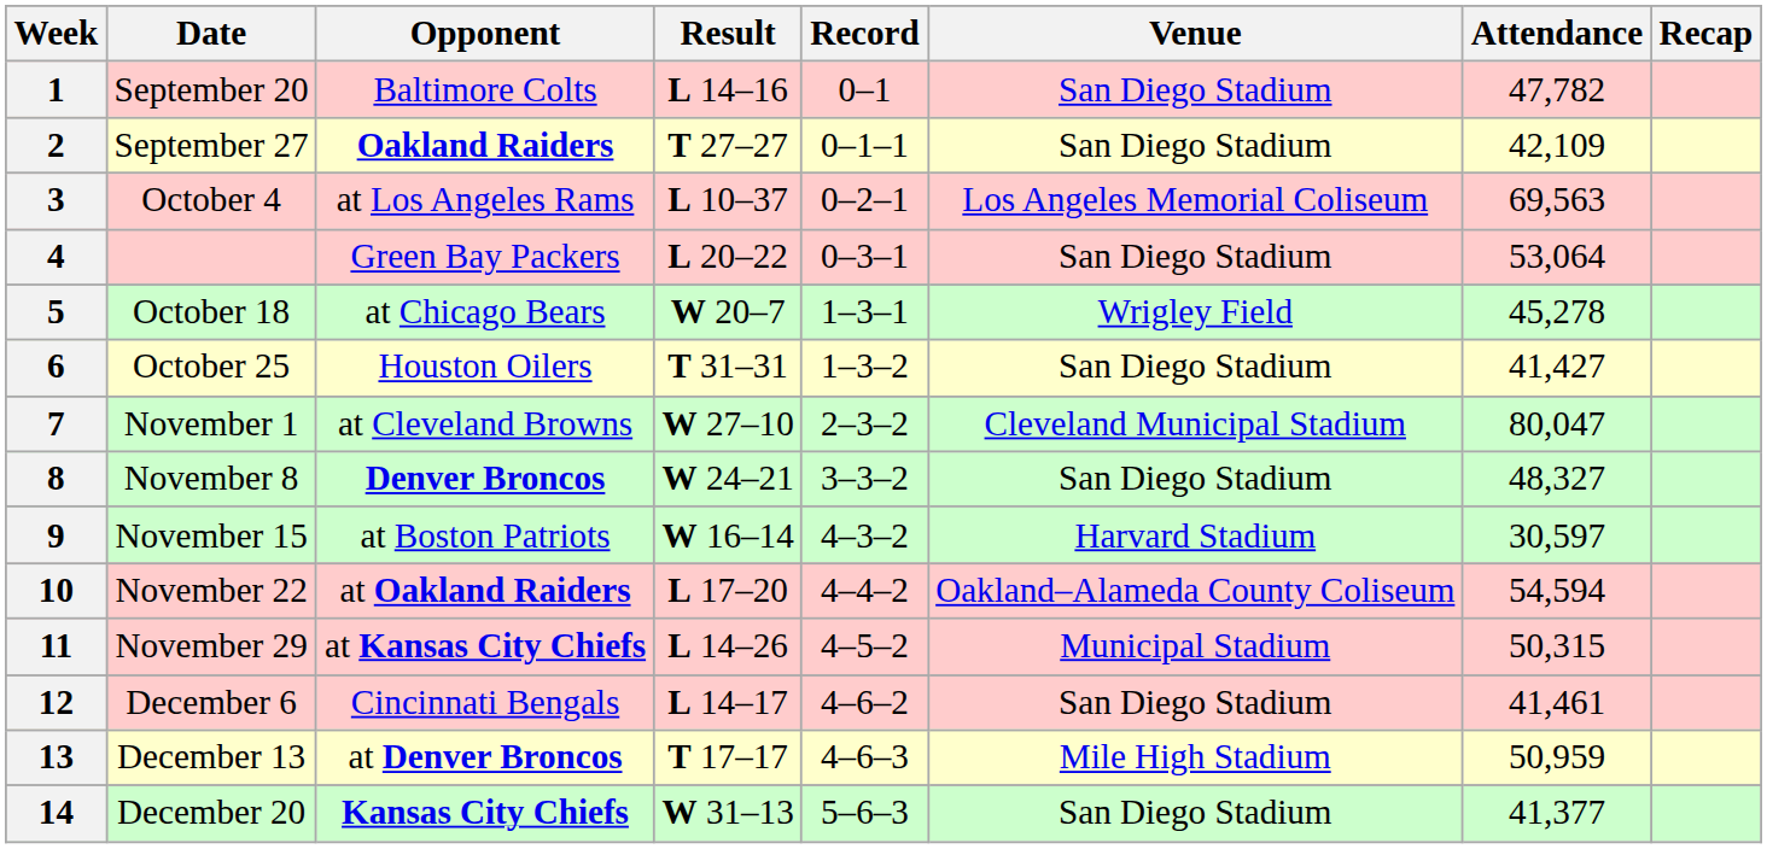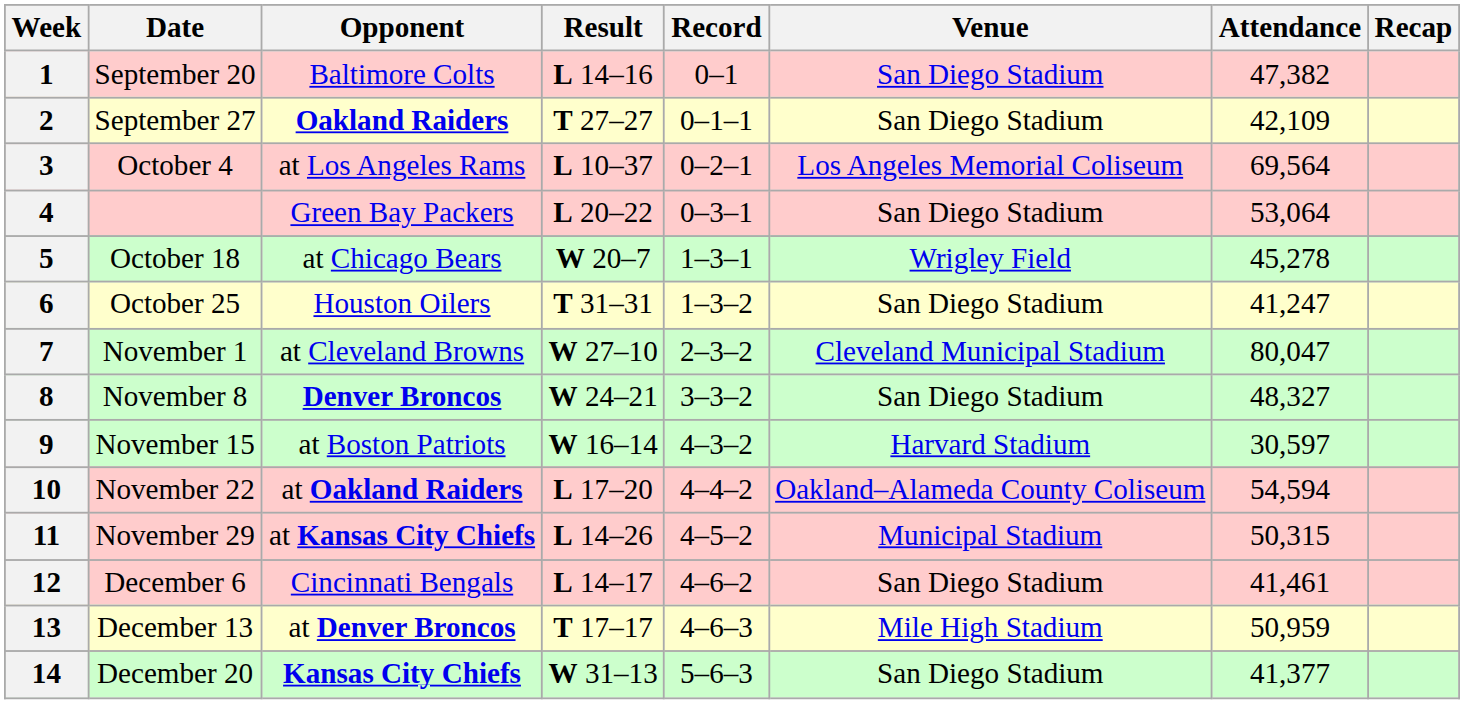 <table class="wikitable" style="text-align:center">
 <tr>
 <th>Week</th>
 <th>Date</th>
 <th>Opponent</th>
 <th>Result</th>
 <th>Record</th>
 <th>Venue</th>
 <th>Attendance</th>
 <th>Recap</th>
 </tr>
 <tr style="background:#fcc">
 <th>1</th>
 <td>September 20</td>
 <td><a href='#'>Baltimore Colts</a></td>
 <td><strong>L</strong> 14–16</td>
 <td>0–1</td>
 <td><a href='#'>San Diego Stadium</a></td>
-<td>47,782</td>
+<td>47,382</td>
 <td></td>
 </tr>
 <tr style="background:#ffc">
 <th>2</th>
 <td>September 27</td>
 <td><strong><a href='#'>Oakland Raiders</a></strong></td>
 <td><strong>T</strong> 27–27</td>
 <td>0–1–1</td>
 <td>San Diego Stadium</td>
 <td>42,109</td>
 <td></td>
 </tr>
 <tr style="background:#fcc">
 <th>3</th>
 <td>October 4</td>
 <td>at <a href='#'>Los Angeles Rams</a></td>
 <td><strong>L</strong> 10–37</td>
 <td>0–2–1</td>
 <td><a href='#'>Los Angeles Memorial Coliseum</a></td>
-<td>69,563</td>
+<td>69,564</td>
 <td></td>
 </tr>
 <tr style="background:#fcc">
 <th>4</th>
 <td></td>
 <td><a href='#'>Green Bay Packers</a></td>
 <td><strong>L</strong> 20–22</td>
 <td>0–3–1</td>
 <td>San Diego Stadium</td>
 <td>53,064</td>
 <td></td>
 </tr>
 <tr style="background:#cfc">
 <th>5</th>
 <td>October 18</td>
 <td>at <a href='#'>Chicago Bears</a></td>
 <td><strong>W</strong> 20–7</td>
 <td>1–3–1</td>
 <td><a href='#'>Wrigley Field</a></td>
 <td>45,278</td>
 <td></td>
 </tr>
 <tr style="background:#ffc">
 <th>6</th>
 <td>October 25</td>
 <td><a href='#'>Houston Oilers</a></td>
 <td><strong>T</strong> 31–31</td>
 <td>1–3–2</td>
 <td>San Diego Stadium</td>
-<td>41,427</td>
+<td>41,247</td>
 <td></td>
 </tr>
 <tr style="background:#cfc">
 <th>7</th>
 <td>November 1</td>
 <td>at <a href='#'>Cleveland Browns</a></td>
 <td><strong>W</strong> 27–10</td>
 <td>2–3–2</td>
 <td><a href='#'>Cleveland Municipal Stadium</a></td>
 <td>80,047</td>
 <td></td>
 </tr>
 <tr style="background:#cfc">
 <th>8</th>
 <td>November 8</td>
 <td><strong><a href='#'>Denver Broncos</a></strong></td>
 <td><strong>W</strong> 24–21</td>
 <td>3–3–2</td>
 <td>San Diego Stadium</td>
 <td>48,327</td>
 <td></td>
 </tr>
 <tr style="background:#cfc">
 <th>9</th>
 <td>November 15</td>
 <td>at <a href='#'>Boston Patriots</a></td>
 <td><strong>W</strong> 16–14</td>
 <td>4–3–2</td>
 <td><a href='#'>Harvard Stadium</a></td>
 <td>30,597</td>
 <td></td>
 </tr>
 <tr style="background:#fcc">
 <th>10</th>
 <td>November 22</td>
 <td>at <strong><a href='#'>Oakland Raiders</a></strong></td>
 <td><strong>L</strong> 17–20</td>
 <td>4–4–2</td>
 <td><a href='#'>Oakland–Alameda County Coliseum</a></td>
 <td>54,594</td>
 <td></td>
 </tr>
 <tr style="background:#fcc">
 <th>11</th>
 <td>November 29</td>
 <td>at <strong><a href='#'>Kansas City Chiefs</a></strong></td>
 <td><strong>L</strong> 14–26</td>
 <td>4–5–2</td>
 <td><a href='#'>Municipal Stadium</a></td>
 <td>50,315</td>
 <td></td>
 </tr>
 <tr style="background:#fcc">
 <th>12</th>
 <td>December 6</td>
 <td><a href='#'>Cincinnati Bengals</a></td>
 <td><strong>L</strong> 14–17</td>
 <td>4–6–2</td>
 <td>San Diego Stadium</td>
 <td>41,461</td>
 <td></td>
 </tr>
 <tr style="background:#ffc">
 <th>13</th>
 <td>December 13</td>
 <td>at <strong><a href='#'>Denver Broncos</a></strong></td>
 <td><strong>T</strong> 17–17</td>
 <td>4–6–3</td>
 <td><a href='#'>Mile High Stadium</a></td>
 <td>50,959</td>
 <td></td>
 </tr>
 <tr style="background:#cfc">
 <th>14</th>
 <td>December 20</td>
 <td><strong><a href='#'>Kansas City Chiefs</a></strong></td>
 <td><strong>W</strong> 31–13</td>
 <td>5–6–3</td>
 <td>San Diego Stadium</td>
 <td>41,377</td>
 <td></td>
 </tr>
 </table>
